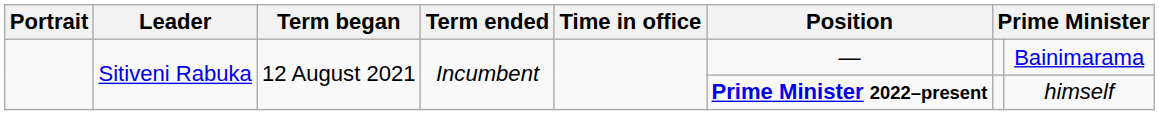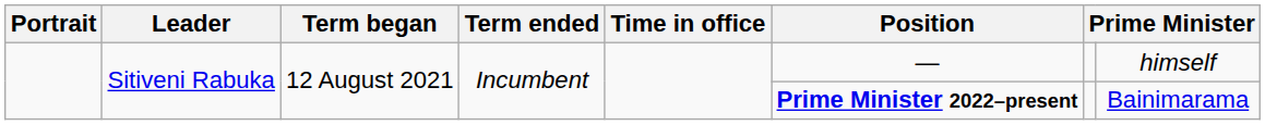 <table class="wikitable" style="text-align:center">
 <tr>
 <th>Portrait</th>
 <th>Leader</th>
 <th>Term began</th>
 <th>Term ended</th>
 <th>Time in office</th>
 <th>Position</th>
 <th colspan="2">Prime Minister</th>
 </tr>
 <tr>
 <td rowspan="2"></td>
 <td rowspan="2"><a href='#'>Sitiveni Rabuka</a> </td>
 <td rowspan="2">12 August 2021</td>
 <td rowspan="2"><em>Incumbent</em></td>
 <td rowspan="2"></td>
 <td>—</td>
 <td style="background:"></td>
-<td><a href='#'>Bainimarama</a><br></td>
+<td><em>himself</em></td>
 </tr>
 <tr>
 <td><strong><a href='#'>Prime Minister</a> <small>2022–present</small></strong></td>
 <td style="background:"></td>
-<td><em>himself</em></td>
+<td><a href='#'>Bainimarama</a><br></td>
 </tr>
 </table>
